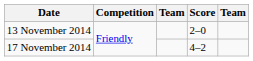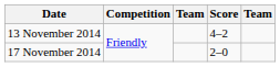 <table class="wikitable">
 <tr>
 <th>Date</th>
 <th>Competition</th>
 <th>Team</th>
 <th>Score</th>
 <th>Team</th>
 </tr>
 <tr>
 <td>13 November 2014</td>
 <td rowspan="2"><a href='#'>Friendly</a></td>
 <td></td>
-<td>2–0</td>
+<td>4–2</td>
 <td></td>
 </tr>
 <tr>
 <td>17 November 2014</td>
 <td></td>
-<td>4–2</td>
+<td>2–0</td>
 <td></td>
 </tr>
 </table>
